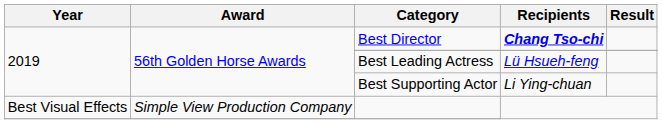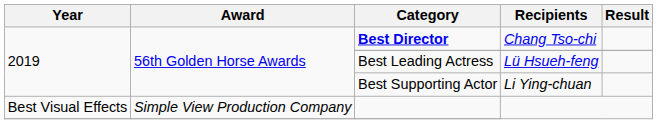 <table class="wikitable">
 <tr>
 <th>Year</th>
 <th>Award</th>
 <th>Category</th>
 <th>Recipients</th>
 <th>Result</th>
 </tr>
 <tr>
 <td rowspan=4>2019</td>
 <td rowspan=4><a href='#'>56th Golden Horse Awards</a></td>
-<td><a href='#'>Best Director</a></td>
-<td><strong><em><a href='#'>Chang Tso-chi</a></em></strong></td>
+<td><strong><a href='#'>Best Director</a></strong></td>
+<td><em><a href='#'>Chang Tso-chi</a></em></td>
 <td></td>
 </tr>
 <tr>
 </tr>
 <tr>
 <td>Best Leading Actress</td>
 <td><em><a href='#'>Lü Hsueh-feng</a></em></td>
 <td></td>
 </tr>
 <tr>
 <td>Best Supporting Actor</td>
 <td><em>Li Ying-chuan </em></td>
 <td></td>
 </tr>
 <tr>
 <td>Best Visual Effects</td>
 <td><em>Simple View Production Company</em></td>
 <td></td>
 </tr>
 <tr>
 </tr>
 </table>
